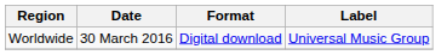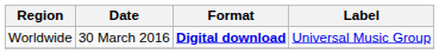 <table class=wikitable>
 <tr>
 <th>Region</th>
 <th>Date</th>
 <th>Format</th>
 <th>Label</th>
 </tr>
 <tr>
 <td>Worldwide</td>
 <td>30 March 2016</td>
-<td><a href='#'>Digital download</a></td>
+<td><strong><a href='#'>Digital download</a></strong></td>
 <td><a href='#'>Universal Music Group</a></td>
 </tr>
 <tr>
 </tr>
 </table>
